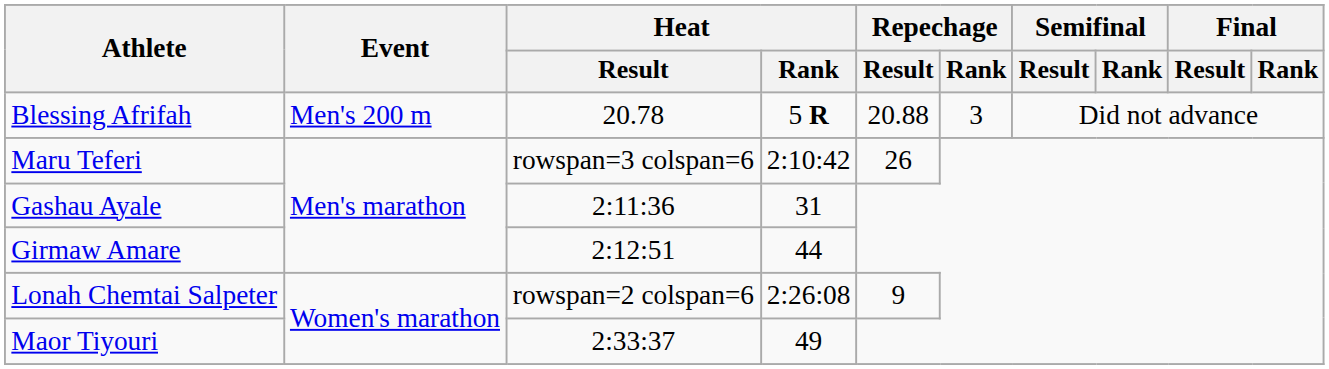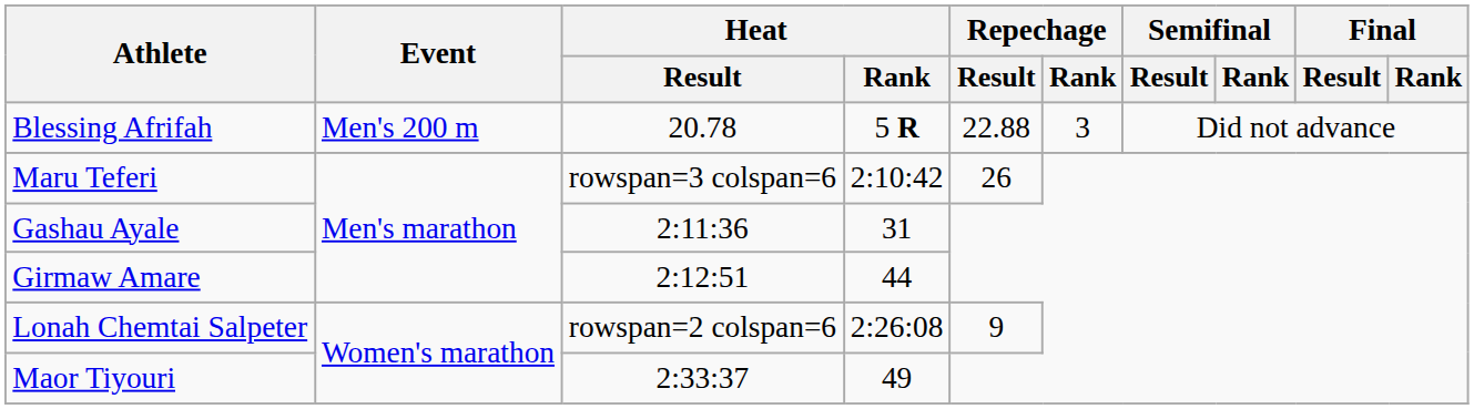 <table class="wikitable" style="font-size:90%">
 <tr>
 <th rowspan="2">Athlete</th>
 <th rowspan="2">Event</th>
 <th colspan="2">Heat</th>
 <th colspan="2">Repechage</th>
 <th colspan="2">Semifinal</th>
 <th colspan="2">Final</th>
 </tr>
 <tr style="font-size:95%">
 <th>Result</th>
 <th>Rank</th>
 <th>Result</th>
 <th>Rank</th>
 <th>Result</th>
 <th>Rank</th>
 <th>Result</th>
 <th>Rank</th>
 </tr>
 <tr align=center>
 <td align=left><a href='#'>Blessing Afrifah</a></td>
 <td align=left><a href='#'>Men's 200 m</a></td>
 <td>20.78</td>
 <td>5 <strong>R</strong></td>
-<td>20.88</td>
+<td>22.88</td>
 <td>3</td>
 <td colspan=4>Did not advance</td>
 </tr>
 <tr align=center>
 <td align=left><a href='#'>Maru Teferi</a></td>
 <td align=left rowspan=3><a href='#'>Men's marathon</a></td>
 <td>rowspan=3 colspan=6 </td>
 <td>2:10:42 <strong></strong></td>
 <td>26</td>
 </tr>
 <tr align=center>
 <td align=left><a href='#'>Gashau Ayale</a></td>
 <td>2:11:36</td>
 <td>31</td>
 </tr>
 <tr align=center>
 <td align=left><a href='#'>Girmaw Amare</a></td>
 <td>2:12:51 <strong></strong></td>
 <td>44</td>
 </tr>
 <tr align=center>
 <td align=left><a href='#'>Lonah Chemtai Salpeter</a></td>
 <td align=left rowspan=2><a href='#'>Women's marathon</a></td>
 <td>rowspan=2 colspan=6 </td>
 <td>2:26:08 <strong></strong></td>
 <td>9</td>
 </tr>
 <tr align=center>
 <td align=left><a href='#'>Maor Tiyouri</a></td>
 <td>2:33:37</td>
 <td>49</td>
 </tr>
 </table>
